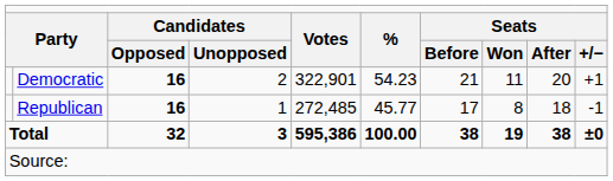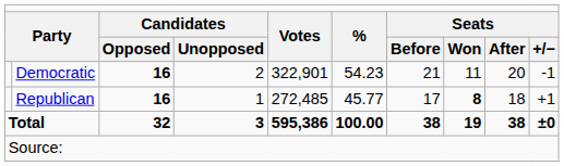 <table class="wikitable">
 <tr>
 <td colspan="12" style="text-align:center;"></td>
 </tr>
 <tr>
 <th colspan="2" rowspan="2">Party</th>
 <th colspan="2">Candidates</th>
 <th rowspan="2">Votes</th>
 <th rowspan="2">%</th>
 <th colspan="4">Seats</th>
 </tr>
 <tr>
 <th>Opposed</th>
 <th>Unopposed</th>
 <th>Before</th>
 <th>Won</th>
 <th>After</th>
 <th>+/−</th>
 </tr>
 <tr>
 <td style="background-color:"></td>
 <td><a href='#'>Democratic</a></td>
 <td style="text-align:right;"><strong>16</strong></td>
 <td style="text-align:right;">2</td>
 <td style="text-align:right;">322,901</td>
 <td style="text-align:right;">54.23</td>
 <td style="text-align:right;">21</td>
 <td style="text-align:right;">11</td>
 <td style="text-align:right;">20</td>
-<td style="text-align:right;">+1</td>
+<td style="text-align:right;">-1</td>
 </tr>
 <tr>
 <td style="background-color:"></td>
 <td><a href='#'>Republican</a></td>
 <td style="text-align:right;"><strong>16</strong></td>
 <td style="text-align:right;">1</td>
 <td style="text-align:right;">272,485</td>
 <td style="text-align:right;">45.77</td>
 <td style="text-align:right;">17</td>
-<td style="text-align:right;">8</td>
+<td style="text-align:right;"><strong>8</strong></td>
 <td style="text-align:right;">18</td>
-<td style="text-align:right;">-1</td>
+<td style="text-align:right;">+1</td>
 </tr>
 <tr>
 <td colspan="2"><strong>Total</strong></td>
 <td style="text-align:right;"><strong>32</strong></td>
 <td style="text-align:right;"><strong>3</strong></td>
 <td style="text-align:right;"><strong>595,386</strong></td>
 <td style="text-align:right;"><strong>100.00</strong></td>
 <td style="text-align:right;"><strong>38</strong></td>
 <td style="text-align:right;"><strong>19</strong></td>
 <td style="text-align:right;"><strong>38</strong></td>
 <td style="text-align:right;"><strong>±0</strong></td>
 </tr>
 <tr>
 <td colspan="10">Source: <em></em></td>
 </tr>
 </table>
